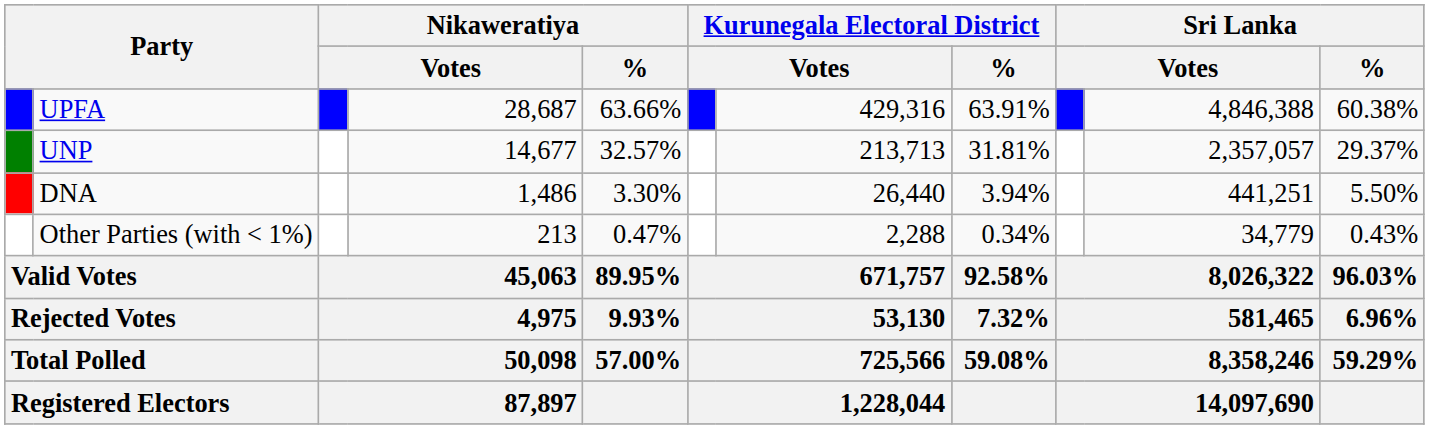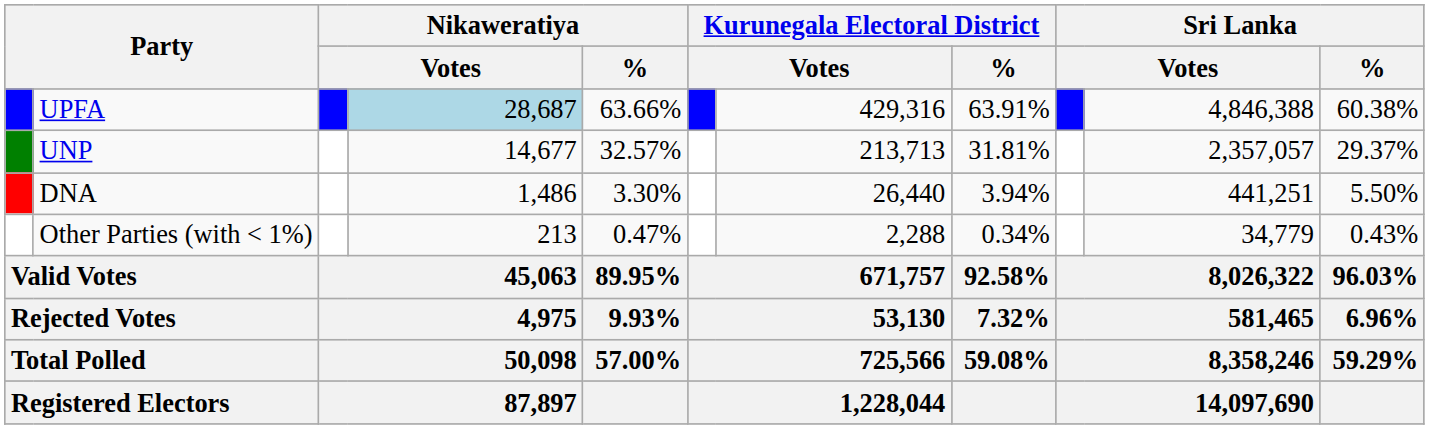 <table class="wikitable">
 <tr>
 <th colspan="2" width="144px"rowspan="2">Party</th>
 <th colspan="3" width="216px">Nikaweratiya</th>
 <th colspan="3" width="216px"><a href='#'>Kurunegala Electoral District</a></th>
 <th colspan="3" width="216px">Sri Lanka</th>
 </tr>
 <tr>
 <th colspan="2" width="144px">Votes</th>
 <th>%</th>
 <th colspan="2" width="144px">Votes</th>
 <th>%</th>
 <th colspan="2" width="144px">Votes</th>
 <th>%</th>
 </tr>
 <tr>
 <td style="background-color:blue;" width="10px"></td>
 <td style="text-align:left;"><a href='#'>UPFA</a></td>
 <td style="background-color:blue;" width="10px"></td>
-<td style="text-align:right;">28,687</td>
+<td style="background: lightblue; text-align:right;">28,687</td>
 <td style="text-align:right;">63.66%</td>
 <td style="background-color:blue;" width="10px"></td>
 <td style="text-align:right;">429,316</td>
 <td style="text-align:right;">63.91%</td>
 <td style="background-color:blue;" width="10px"></td>
 <td style="text-align:right;">4,846,388</td>
 <td style="text-align:right;">60.38%</td>
 </tr>
 <tr>
 <td style="background-color:green;" width="10px"></td>
 <td style="text-align:left;"><a href='#'>UNP</a></td>
 <td style="background-color:white;" width="10px"></td>
 <td style="text-align:right;">14,677</td>
 <td style="text-align:right;">32.57%</td>
 <td style="background-color:white;" width="10px"></td>
 <td style="text-align:right;">213,713</td>
 <td style="text-align:right;">31.81%</td>
 <td style="background-color:white;" width="10px"></td>
 <td style="text-align:right;">2,357,057</td>
 <td style="text-align:right;">29.37%</td>
 </tr>
 <tr>
 <td style="background-color:red;" width="10px"></td>
 <td style="text-align:left;">DNA</td>
 <td style="background-color:white;" width="10px"></td>
 <td style="text-align:right;">1,486</td>
 <td style="text-align:right;">3.30%</td>
 <td style="background-color:white;" width="10px"></td>
 <td style="text-align:right;">26,440</td>
 <td style="text-align:right;">3.94%</td>
 <td style="background-color:white;" width="10px"></td>
 <td style="text-align:right;">441,251</td>
 <td style="text-align:right;">5.50%</td>
 </tr>
 <tr>
 <td style="background-color:white;" width="10px"></td>
 <td style="text-align:left;">Other Parties (with < 1%)</td>
 <td style="background-color:white;" width="10px"></td>
 <td style="text-align:right;">213</td>
 <td style="text-align:right;">0.47%</td>
 <td style="background-color:white;" width="10px"></td>
 <td style="text-align:right;">2,288</td>
 <td style="text-align:right;">0.34%</td>
 <td style="background-color:white;" width="10px"></td>
 <td style="text-align:right;">34,779</td>
 <td style="text-align:right;">0.43%</td>
 </tr>
 <tr>
 <th colspan="2" width="144px"style="text-align:left;">Valid Votes</th>
 <th style="text-align:right;"colspan="2" width="144px">45,063</th>
 <th style="text-align:right;">89.95%</th>
 <th style="text-align:right;"colspan="2" width="144px">671,757</th>
 <th style="text-align:right;">92.58%</th>
 <th style="text-align:right;"colspan="2" width="144px">8,026,322</th>
 <th style="text-align:right;">96.03%</th>
 </tr>
 <tr>
 <th colspan="2" width="144px"style="text-align:left;">Rejected Votes</th>
 <th style="text-align:right;"colspan="2" width="144px">4,975</th>
 <th style="text-align:right;">9.93%</th>
 <th style="text-align:right;"colspan="2" width="144px">53,130</th>
 <th style="text-align:right;">7.32%</th>
 <th style="text-align:right;"colspan="2" width="144px">581,465</th>
 <th style="text-align:right;">6.96%</th>
 </tr>
 <tr>
 <th colspan="2" width="144px"style="text-align:left;">Total Polled</th>
 <th style="text-align:right;"colspan="2" width="144px">50,098</th>
 <th style="text-align:right;">57.00%</th>
 <th style="text-align:right;"colspan="2" width="144px">725,566</th>
 <th style="text-align:right;">59.08%</th>
 <th style="text-align:right;"colspan="2" width="144px">8,358,246</th>
 <th style="text-align:right;">59.29%</th>
 </tr>
 <tr>
 <th colspan="2" width="144px"style="text-align:left;">Registered Electors</th>
 <th style="text-align:right;"colspan="2" width="144px">87,897</th>
 <th></th>
 <th style="text-align:right;"colspan="2" width="144px">1,228,044</th>
 <th></th>
 <th style="text-align:right;"colspan="2" width="144px">14,097,690</th>
 <th></th>
 </tr>
 </table>
